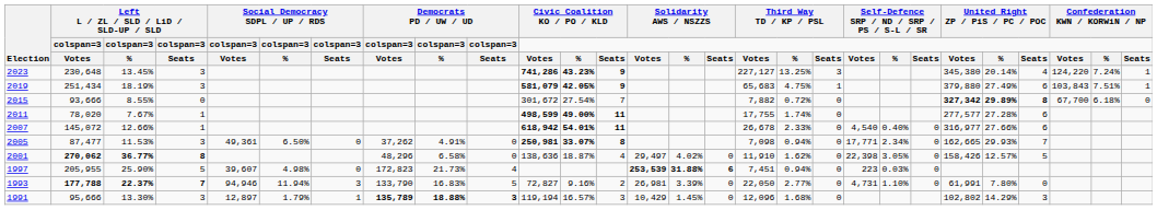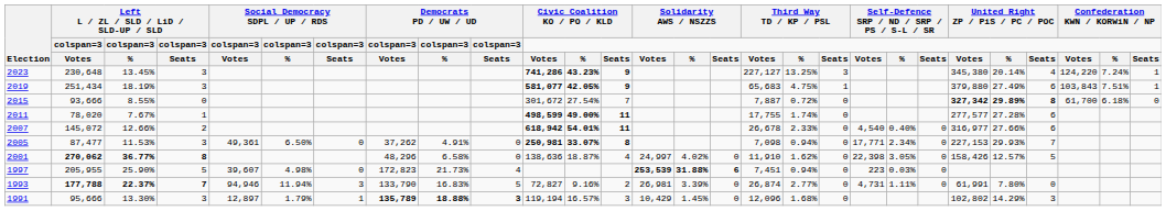 <table class="wikitable" border="1" style="font-size:85%; text-align:right;">
 <tr>
 <th style="text-align:left;" valign=bottom rowspan=3>Election</th>
 <th valign=top colspan=3><a href='#'>Left</a><br>L / ZL / SLD / LiD /<br>SLD-UP / SLD</th>
 <th valign=top colspan=3><a href='#'>Social Democracy</a><br>SDPL / UP / RDS</th>
 <th valign=top colspan=3><a href='#'>Democrats</a><br>PD / UW / UD</th>
 <th valign=top colspan=3><a href='#'>Civic Coalition</a><br>KO / PO / KLD</th>
 <th valign=top colspan=3><a href='#'>Solidarity</a><br>AWS / NSZZS</th>
 <th valign=top colspan=3><a href='#'>Third Way</a><br>TD / KP / PSL</th>
 <th valign=top colspan=3><a href='#'>Self-Defence</a><br>SRP / ND / SRP /<br>PS / S-L / SR</th>
 <th valign=top colspan=3><a href='#'>United Right</a><br>ZP / PiS / PC / POC</th>
 <th valign=top colspan=3><a href='#'>Confederation</a><br>KWN / KORWiN / NP</th>
 </tr>
 <tr>
 <th>colspan=3 </th>
 <th>colspan=3 </th>
 <th>colspan=3 </th>
 <th>colspan=3 </th>
 <th>colspan=3 </th>
 <th>colspan=3 </th>
 <th>colspan=3 </th>
 <th>colspan=3 </th>
 <th>colspan=3 </th>
 </tr>
 <tr>
 <th>Votes</th>
 <th>%</th>
 <th>Seats</th>
 <th>Votes</th>
 <th>%</th>
 <th>Seats</th>
 <th>Votes</th>
 <th>%</th>
 <th>Seats</th>
 <th>Votes</th>
 <th>%</th>
 <th>Seats</th>
 <th>Votes</th>
 <th>%</th>
 <th>Seats</th>
 <th>Votes</th>
 <th>%</th>
 <th>Seats</th>
 <th>Votes</th>
 <th>%</th>
 <th>Seats</th>
 <th>Votes</th>
 <th>%</th>
 <th>Seats</th>
 <th>Votes</th>
 <th>%</th>
 <th>Seats</th>
 </tr>
 <tr>
 <td align=left><a href='#'>2023</a></td>
 <td>230,648</td>
 <td>13.45%</td>
 <td>3</td>
 <td></td>
 <td></td>
 <td></td>
 <td></td>
 <td></td>
 <td></td>
 <td><strong>741,286</strong></td>
 <td><strong>43.23%</strong></td>
 <td><strong>9</strong></td>
 <td></td>
 <td></td>
 <td></td>
 <td>227,127</td>
 <td>13.25%</td>
 <td>3</td>
 <td></td>
 <td></td>
 <td></td>
 <td>345,380</td>
 <td>20.14%</td>
 <td>4</td>
 <td>124,220</td>
 <td>7.24%</td>
 <td>1</td>
 </tr>
 <tr>
 <td align=left><a href='#'>2019</a></td>
 <td>251,434</td>
 <td>18.19%</td>
 <td>3</td>
 <td></td>
 <td></td>
 <td></td>
 <td></td>
 <td></td>
 <td></td>
-<td><strong>581,079</strong></td>
+<td><strong>581,077</strong></td>
 <td><strong>42.05%</strong></td>
 <td><strong>9</strong></td>
 <td></td>
 <td></td>
 <td></td>
 <td>65,683</td>
 <td>4.75%</td>
 <td>1</td>
 <td></td>
 <td></td>
 <td></td>
 <td>379,880</td>
 <td>27.49%</td>
 <td>6</td>
 <td>103,843</td>
 <td>7.51%</td>
 <td>1</td>
 </tr>
 <tr>
 <td align=left><a href='#'>2015</a></td>
 <td>93,666</td>
 <td>8.55%</td>
 <td>0</td>
 <td></td>
 <td></td>
 <td></td>
 <td></td>
 <td></td>
 <td></td>
 <td>301,672</td>
 <td>27.54%</td>
 <td>7</td>
 <td></td>
 <td></td>
 <td></td>
-<td>7,882</td>
+<td>7,887</td>
 <td>0.72%</td>
 <td>0</td>
 <td></td>
 <td></td>
 <td></td>
 <td><strong>327,342</strong></td>
 <td><strong>29.89%</strong></td>
 <td><strong>8</strong></td>
-<td>67,700</td>
+<td>61,700</td>
 <td>6.18%</td>
 <td>0</td>
 </tr>
 <tr>
 <td align=left><a href='#'>2011</a></td>
 <td>78,020</td>
 <td>7.67%</td>
 <td>1</td>
 <td></td>
 <td></td>
 <td></td>
 <td></td>
 <td></td>
 <td></td>
 <td><strong>498,599</strong></td>
 <td><strong>49.00%</strong></td>
 <td><strong>11</strong></td>
 <td></td>
 <td></td>
 <td></td>
 <td>17,755</td>
 <td>1.74%</td>
 <td>0</td>
 <td></td>
 <td></td>
 <td></td>
 <td>277,577</td>
 <td>27.28%</td>
 <td>6</td>
 <td></td>
 <td></td>
 <td></td>
 </tr>
 <tr>
 <td align=left><a href='#'>2007</a></td>
 <td>145,072</td>
 <td>12.66%</td>
-<td>1</td>
+<td>2</td>
 <td></td>
 <td></td>
 <td></td>
 <td></td>
 <td></td>
 <td></td>
 <td><strong>618,942</strong></td>
 <td><strong>54.01%</strong></td>
 <td><strong>11</strong></td>
 <td></td>
 <td></td>
 <td></td>
 <td>26,678</td>
 <td>2.33%</td>
 <td>0</td>
 <td>4,540</td>
 <td>0.40%</td>
 <td>0</td>
 <td>316,977</td>
 <td>27.66%</td>
 <td>6</td>
 <td></td>
 <td></td>
 <td></td>
 </tr>
 <tr>
 <td align=left><a href='#'>2005</a></td>
 <td>87,477</td>
 <td>11.53%</td>
 <td>3</td>
 <td>49,361</td>
 <td>6.50%</td>
 <td>0</td>
 <td>37,262</td>
 <td>4.91%</td>
 <td>0</td>
 <td><strong>250,981</strong></td>
 <td><strong>33.07%</strong></td>
 <td><strong>8</strong></td>
 <td></td>
 <td></td>
 <td></td>
 <td>7,098</td>
 <td>0.94%</td>
 <td>0</td>
 <td>17,771</td>
 <td>2.34%</td>
 <td>0</td>
-<td>162,665</td>
+<td>227,153</td>
 <td>29.93%</td>
 <td>7</td>
 <td></td>
 <td></td>
 <td></td>
 </tr>
 <tr>
 <td align=left><a href='#'>2001</a></td>
 <td><strong>270,062</strong></td>
 <td><strong>36.77%</strong></td>
 <td><strong>8</strong></td>
 <td></td>
 <td></td>
 <td></td>
 <td>48,296</td>
 <td>6.58%</td>
 <td>0</td>
 <td>138,636</td>
 <td>18.87%</td>
 <td>4</td>
-<td>29,497</td>
+<td>24,997</td>
 <td>4.02%</td>
 <td>0</td>
 <td>11,910</td>
 <td>1.62%</td>
 <td>0</td>
 <td>22,398</td>
 <td>3.05%</td>
 <td>0</td>
 <td>158,426</td>
 <td>12.57%</td>
 <td>5</td>
 <td></td>
 <td></td>
 <td></td>
 </tr>
 <tr>
 <td align=left><a href='#'>1997</a></td>
 <td>205,955</td>
 <td>25.90%</td>
 <td>5</td>
 <td>39,607</td>
 <td>4.98%</td>
 <td>0</td>
 <td>172,823</td>
 <td>21.73%</td>
 <td>4</td>
 <td></td>
 <td></td>
 <td></td>
 <td><strong>253,539</strong></td>
 <td><strong>31.88%</strong></td>
 <td><strong>6</strong></td>
 <td>7,451</td>
 <td>0.94%</td>
 <td>0</td>
 <td>223</td>
 <td>0.03%</td>
 <td>0</td>
 <td></td>
 <td></td>
 <td></td>
 <td></td>
 <td></td>
 <td></td>
 </tr>
 <tr>
 <td align=left><a href='#'>1993</a></td>
 <td><strong>177,788</strong></td>
 <td><strong>22.37%</strong></td>
 <td><strong>7</strong></td>
 <td>94,946</td>
 <td>11.94%</td>
 <td>3</td>
 <td>133,790</td>
 <td>16.83%</td>
 <td>5</td>
 <td>72,827</td>
 <td>9.16%</td>
 <td>2</td>
 <td>26,981</td>
 <td>3.39%</td>
 <td>0</td>
-<td>22,050</td>
+<td>26,874</td>
 <td>2.77%</td>
 <td>0</td>
 <td>4,731</td>
-<td>1.10%</td>
+<td>1.11%</td>
 <td>0</td>
 <td>61,991</td>
 <td>7.80%</td>
 <td>0</td>
 <td></td>
 <td></td>
 <td></td>
 </tr>
 <tr>
 <td align=left><a href='#'>1991</a></td>
 <td>95,666</td>
 <td>13.30%</td>
 <td>3</td>
 <td>12,897</td>
 <td>1.79%</td>
 <td>1</td>
 <td><strong>135,789</strong></td>
 <td><strong>18.88%</strong></td>
 <td><strong>3</strong></td>
 <td>119,194</td>
 <td>16.57%</td>
 <td>3</td>
 <td>10,429</td>
 <td>1.45%</td>
 <td>0</td>
 <td>12,096</td>
 <td>1.68%</td>
 <td>0</td>
 <td></td>
 <td></td>
 <td></td>
 <td>102,802</td>
 <td>14.29%</td>
 <td>3</td>
 <td></td>
 <td></td>
 <td></td>
 </tr>
 </table>
